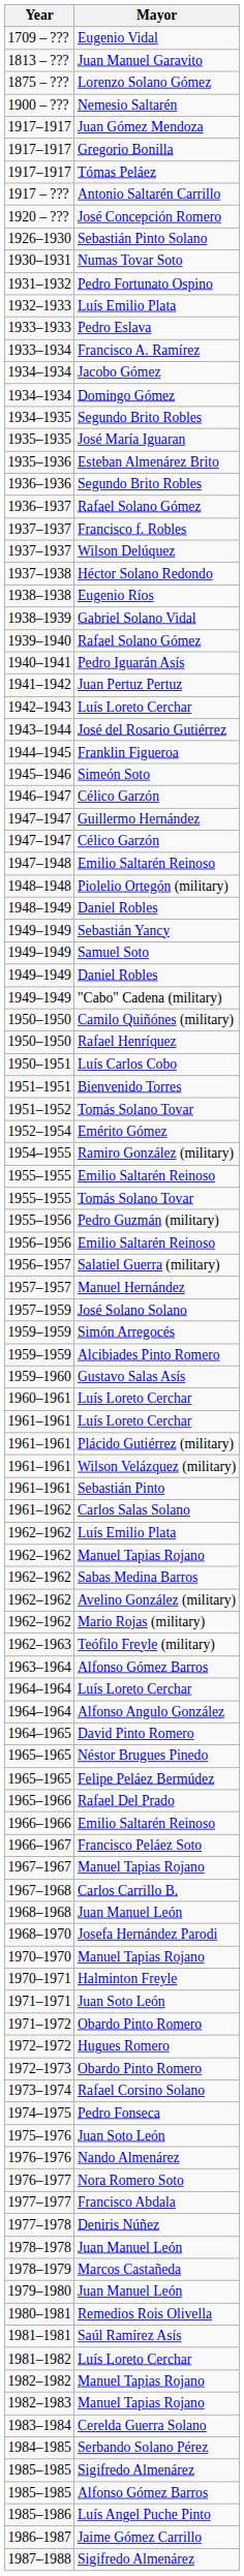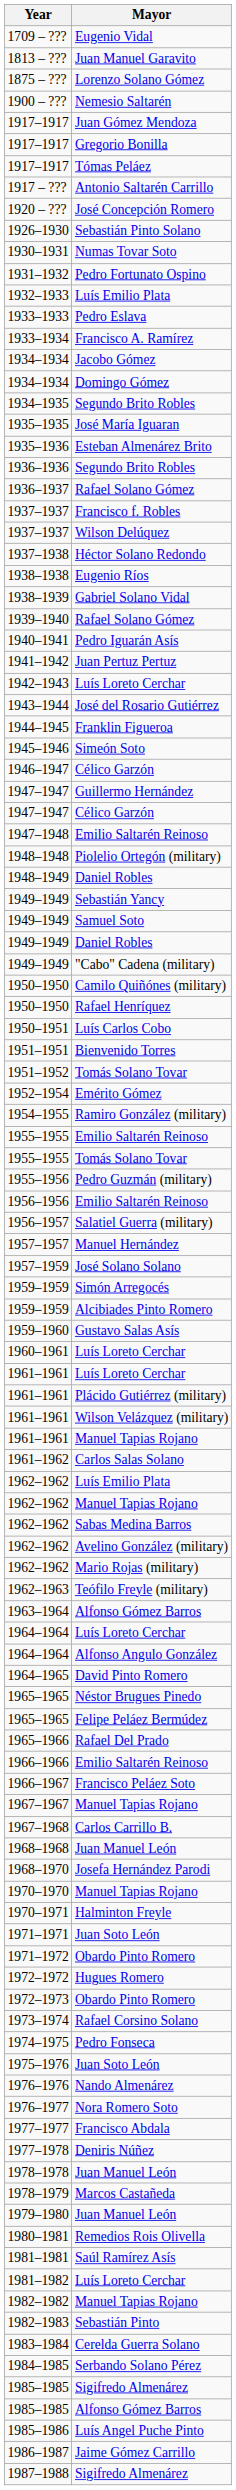 <table class="wikitable">
 <tr>
 <th>Year</th>
 <th>Mayor</th>
 </tr>
 <tr>
 <td>1709 – ???</td>
 <td><a href='#'>Eugenio Vidal</a></td>
 </tr>
 <tr>
 <td>1813 – ???</td>
 <td><a href='#'>Juan Manuel Garavito</a></td>
 </tr>
 <tr>
 <td>1875 – ???</td>
 <td><a href='#'>Lorenzo Solano Gómez</a></td>
 </tr>
 <tr>
 <td>1900 – ???</td>
 <td><a href='#'>Nemesio Saltarén</a></td>
 </tr>
 <tr>
 <td>1917–1917</td>
 <td><a href='#'>Juan Gómez Mendoza</a></td>
 </tr>
 <tr>
 <td>1917–1917</td>
 <td><a href='#'>Gregorio Bonilla</a></td>
 </tr>
 <tr>
 <td>1917–1917</td>
 <td><a href='#'>Tómas Peláez</a></td>
 </tr>
 <tr>
 <td>1917 – ???</td>
 <td><a href='#'>Antonio Saltarén Carrillo</a></td>
 </tr>
 <tr>
 <td>1920 – ???</td>
 <td><a href='#'>José Concepción Romero</a></td>
 </tr>
 <tr>
 <td>1926–1930</td>
 <td><a href='#'>Sebastián Pinto Solano</a></td>
 </tr>
 <tr>
 <td>1930–1931</td>
 <td><a href='#'>Numas Tovar Soto</a></td>
 </tr>
 <tr>
 <td>1931–1932</td>
 <td><a href='#'>Pedro Fortunato Ospino</a></td>
 </tr>
 <tr>
 <td>1932–1933</td>
 <td><a href='#'>Luís Emilio Plata</a></td>
 </tr>
 <tr>
 <td>1933–1933</td>
 <td><a href='#'>Pedro Eslava</a></td>
 </tr>
 <tr>
 <td>1933–1934</td>
 <td><a href='#'>Francisco A. Ramírez</a></td>
 </tr>
 <tr>
 <td>1934–1934</td>
 <td><a href='#'>Jacobo Gómez</a></td>
 </tr>
 <tr>
 <td>1934–1934</td>
 <td><a href='#'>Domingo Gómez</a></td>
 </tr>
 <tr>
 <td>1934–1935</td>
 <td><a href='#'>Segundo Brito Robles</a></td>
 </tr>
 <tr>
 <td>1935–1935</td>
 <td><a href='#'>José María Iguaran</a></td>
 </tr>
 <tr>
 <td>1935–1936</td>
 <td><a href='#'>Esteban Almenárez Brito</a></td>
 </tr>
 <tr>
 <td>1936–1936</td>
 <td><a href='#'>Segundo Brito Robles</a></td>
 </tr>
 <tr>
 <td>1936–1937</td>
 <td><a href='#'>Rafael Solano Gómez</a></td>
 </tr>
 <tr>
 <td>1937–1937</td>
 <td><a href='#'>Francisco f. Robles</a></td>
 </tr>
 <tr>
 <td>1937–1937</td>
 <td><a href='#'>Wilson Delúquez</a></td>
 </tr>
 <tr>
 <td>1937–1938</td>
 <td><a href='#'>Héctor Solano Redondo</a></td>
 </tr>
 <tr>
 <td>1938–1938</td>
 <td><a href='#'>Eugenio Ríos</a></td>
 </tr>
 <tr>
 <td>1938–1939</td>
 <td><a href='#'>Gabriel Solano Vidal</a></td>
 </tr>
 <tr>
 <td>1939–1940</td>
 <td><a href='#'>Rafael Solano Gómez</a></td>
 </tr>
 <tr>
 <td>1940–1941</td>
 <td><a href='#'>Pedro Iguarán Asís</a></td>
 </tr>
 <tr>
 <td>1941–1942</td>
 <td><a href='#'>Juan Pertuz Pertuz</a></td>
 </tr>
 <tr>
 <td>1942–1943</td>
 <td><a href='#'>Luís Loreto Cerchar</a></td>
 </tr>
 <tr>
 <td>1943–1944</td>
 <td><a href='#'>José del Rosario Gutiérrez</a></td>
 </tr>
 <tr>
 <td>1944–1945</td>
 <td><a href='#'>Franklin Figueroa</a></td>
 </tr>
 <tr>
 <td>1945–1946</td>
 <td><a href='#'>Simeón Soto</a></td>
 </tr>
 <tr>
 <td>1946–1947</td>
 <td><a href='#'>Célico Garzón</a></td>
 </tr>
 <tr>
 <td>1947–1947</td>
 <td><a href='#'>Guillermo Hernández</a></td>
 </tr>
 <tr>
 <td>1947–1947</td>
 <td><a href='#'>Célico Garzón</a></td>
 </tr>
 <tr>
 <td>1947–1948</td>
 <td><a href='#'>Emilio Saltarén Reinoso</a></td>
 </tr>
 <tr>
 <td>1948–1948</td>
 <td><a href='#'>Piolelio Ortegón</a> (military)</td>
 </tr>
 <tr>
 <td>1948–1949</td>
 <td><a href='#'>Daniel Robles</a></td>
 </tr>
 <tr>
 <td>1949–1949</td>
 <td><a href='#'>Sebastián Yancy</a></td>
 </tr>
 <tr>
 <td>1949–1949</td>
 <td><a href='#'>Samuel Soto</a></td>
 </tr>
 <tr>
 <td>1949–1949</td>
 <td><a href='#'>Daniel Robles</a></td>
 </tr>
 <tr>
 <td>1949–1949</td>
 <td>"Cabo" Cadena (military)</td>
 </tr>
 <tr>
 <td>1950–1950</td>
 <td><a href='#'>Camilo Quiñónes</a> (military)</td>
 </tr>
 <tr>
 <td>1950–1950</td>
 <td><a href='#'>Rafael Henríquez</a></td>
 </tr>
 <tr>
 <td>1950–1951</td>
 <td><a href='#'>Luís Carlos Cobo</a></td>
 </tr>
 <tr>
 <td>1951–1951</td>
 <td><a href='#'>Bienvenido Torres</a></td>
 </tr>
 <tr>
 <td>1951–1952</td>
 <td><a href='#'>Tomás Solano Tovar</a></td>
 </tr>
 <tr>
 <td>1952–1954</td>
 <td><a href='#'>Emérito Gómez</a></td>
 </tr>
 <tr>
 <td>1954–1955</td>
 <td><a href='#'>Ramiro González</a> (military)</td>
 </tr>
 <tr>
 <td>1955–1955</td>
 <td><a href='#'>Emilio Saltarén Reinoso</a></td>
 </tr>
 <tr>
 <td>1955–1955</td>
 <td><a href='#'>Tomás Solano Tovar</a></td>
 </tr>
 <tr>
 <td>1955–1956</td>
 <td><a href='#'>Pedro Guzmán</a> (military)</td>
 </tr>
 <tr>
 <td>1956–1956</td>
 <td><a href='#'>Emilio Saltarén Reinoso</a></td>
 </tr>
 <tr>
 <td>1956–1957</td>
 <td><a href='#'>Salatiel Guerra</a> (military)</td>
 </tr>
 <tr>
 <td>1957–1957</td>
 <td><a href='#'>Manuel Hernández</a></td>
 </tr>
 <tr>
 <td>1957–1959</td>
 <td><a href='#'>José Solano Solano</a></td>
 </tr>
 <tr>
 <td>1959–1959</td>
 <td><a href='#'>Simón Arregocés</a></td>
 </tr>
 <tr>
 <td>1959–1959</td>
 <td><a href='#'>Alcibiades Pinto Romero</a></td>
 </tr>
 <tr>
 <td>1959–1960</td>
 <td><a href='#'>Gustavo Salas Asís</a></td>
 </tr>
 <tr>
 <td>1960–1961</td>
 <td><a href='#'>Luís Loreto Cerchar</a></td>
 </tr>
 <tr>
 <td>1961–1961</td>
 <td><a href='#'>Luís Loreto Cerchar</a></td>
 </tr>
 <tr>
 <td>1961–1961</td>
 <td><a href='#'>Plácido Gutiérrez</a> (military)</td>
 </tr>
 <tr>
 <td>1961–1961</td>
 <td><a href='#'>Wilson Velázquez</a> (military)</td>
 </tr>
 <tr>
 <td>1961–1961</td>
-<td><a href='#'>Sebastián Pinto</a></td>
+<td><a href='#'>Manuel Tapias Rojano</a></td>
 </tr>
 <tr>
 <td>1961–1962</td>
 <td><a href='#'>Carlos Salas Solano</a></td>
 </tr>
 <tr>
 <td>1962–1962</td>
 <td><a href='#'>Luís Emilio Plata</a></td>
 </tr>
 <tr>
 <td>1962–1962</td>
 <td><a href='#'>Manuel Tapias Rojano</a></td>
 </tr>
 <tr>
 <td>1962–1962</td>
 <td><a href='#'>Sabas Medina Barros</a></td>
 </tr>
 <tr>
 <td>1962–1962</td>
 <td><a href='#'>Avelino González</a> (military)</td>
 </tr>
 <tr>
 <td>1962–1962</td>
 <td><a href='#'>Mario Rojas</a> (military)</td>
 </tr>
 <tr>
 <td>1962–1963</td>
 <td><a href='#'>Teófilo Freyle</a> (military)</td>
 </tr>
 <tr>
 <td>1963–1964</td>
 <td><a href='#'>Alfonso Gómez Barros</a></td>
 </tr>
 <tr>
 <td>1964–1964</td>
 <td><a href='#'>Luís Loreto Cerchar</a></td>
 </tr>
 <tr>
 <td>1964–1964</td>
 <td><a href='#'>Alfonso Angulo González</a></td>
 </tr>
 <tr>
 <td>1964–1965</td>
 <td><a href='#'>David Pinto Romero</a></td>
 </tr>
 <tr>
 <td>1965–1965</td>
 <td><a href='#'>Néstor Brugues Pinedo</a></td>
 </tr>
 <tr>
 <td>1965–1965</td>
 <td><a href='#'>Felipe Peláez Bermúdez</a></td>
 </tr>
 <tr>
 <td>1965–1966</td>
 <td><a href='#'>Rafael Del Prado</a></td>
 </tr>
 <tr>
 <td>1966–1966</td>
 <td><a href='#'>Emilio Saltarén Reinoso</a></td>
 </tr>
 <tr>
 <td>1966–1967</td>
 <td><a href='#'>Francisco Peláez Soto</a></td>
 </tr>
 <tr>
 <td>1967–1967</td>
 <td><a href='#'>Manuel Tapias Rojano</a></td>
 </tr>
 <tr>
 <td>1967–1968</td>
 <td><a href='#'>Carlos Carrillo B.</a></td>
 </tr>
 <tr>
 <td>1968–1968</td>
 <td><a href='#'>Juan Manuel León</a></td>
 </tr>
 <tr>
 <td>1968–1970</td>
 <td><a href='#'>Josefa Hernández Parodi</a></td>
 </tr>
 <tr>
 <td>1970–1970</td>
 <td><a href='#'>Manuel Tapias Rojano</a></td>
 </tr>
 <tr>
 <td>1970–1971</td>
 <td><a href='#'>Halminton Freyle</a></td>
 </tr>
 <tr>
 <td>1971–1971</td>
 <td><a href='#'>Juan Soto León</a></td>
 </tr>
 <tr>
 <td>1971–1972</td>
 <td><a href='#'>Obardo Pinto Romero</a></td>
 </tr>
 <tr>
 <td>1972–1972</td>
 <td><a href='#'>Hugues Romero</a></td>
 </tr>
 <tr>
 <td>1972–1973</td>
 <td><a href='#'>Obardo Pinto Romero</a></td>
 </tr>
 <tr>
 <td>1973–1974</td>
 <td><a href='#'>Rafael Corsino Solano</a></td>
 </tr>
 <tr>
 <td>1974–1975</td>
 <td><a href='#'>Pedro Fonseca</a></td>
 </tr>
 <tr>
 <td>1975–1976</td>
 <td><a href='#'>Juan Soto León</a></td>
 </tr>
 <tr>
 <td>1976–1976</td>
 <td><a href='#'>Nando Almenárez</a></td>
 </tr>
 <tr>
 <td>1976–1977</td>
 <td><a href='#'>Nora Romero Soto</a></td>
 </tr>
 <tr>
 <td>1977–1977</td>
 <td><a href='#'>Francisco Abdala</a></td>
 </tr>
 <tr>
 <td>1977–1978</td>
 <td><a href='#'>Deniris Núñez</a></td>
 </tr>
 <tr>
 <td>1978–1978</td>
 <td><a href='#'>Juan Manuel León</a></td>
 </tr>
 <tr>
 <td>1978–1979</td>
 <td><a href='#'>Marcos Castañeda</a></td>
 </tr>
 <tr>
 <td>1979–1980</td>
 <td><a href='#'>Juan Manuel León</a></td>
 </tr>
 <tr>
 <td>1980–1981</td>
 <td><a href='#'>Remedios Rois Olivella</a></td>
 </tr>
 <tr>
 <td>1981–1981</td>
 <td><a href='#'>Saúl Ramírez Asís</a></td>
 </tr>
 <tr>
 <td>1981–1982</td>
 <td><a href='#'>Luís Loreto Cerchar</a></td>
 </tr>
 <tr>
 <td>1982–1982</td>
 <td><a href='#'>Manuel Tapias Rojano</a></td>
 </tr>
 <tr>
 <td>1982–1983</td>
-<td><a href='#'>Manuel Tapias Rojano</a></td>
+<td><a href='#'>Sebastián Pinto</a></td>
 </tr>
 <tr>
 <td>1983–1984</td>
 <td><a href='#'>Cerelda Guerra Solano</a></td>
 </tr>
 <tr>
 <td>1984–1985</td>
 <td><a href='#'>Serbando Solano Pérez</a></td>
 </tr>
 <tr>
 <td>1985–1985</td>
 <td><a href='#'>Sigifredo Almenárez</a></td>
 </tr>
 <tr>
 <td>1985–1985</td>
 <td><a href='#'>Alfonso Gómez Barros</a></td>
 </tr>
 <tr>
 <td>1985–1986</td>
 <td><a href='#'>Luís Angel Puche Pinto</a></td>
 </tr>
 <tr>
 <td>1986–1987</td>
 <td><a href='#'>Jaime Gómez Carrillo</a></td>
 </tr>
 <tr>
 <td>1987–1988</td>
 <td><a href='#'>Sigifredo Almenárez</a></td>
 </tr>
 </table>
